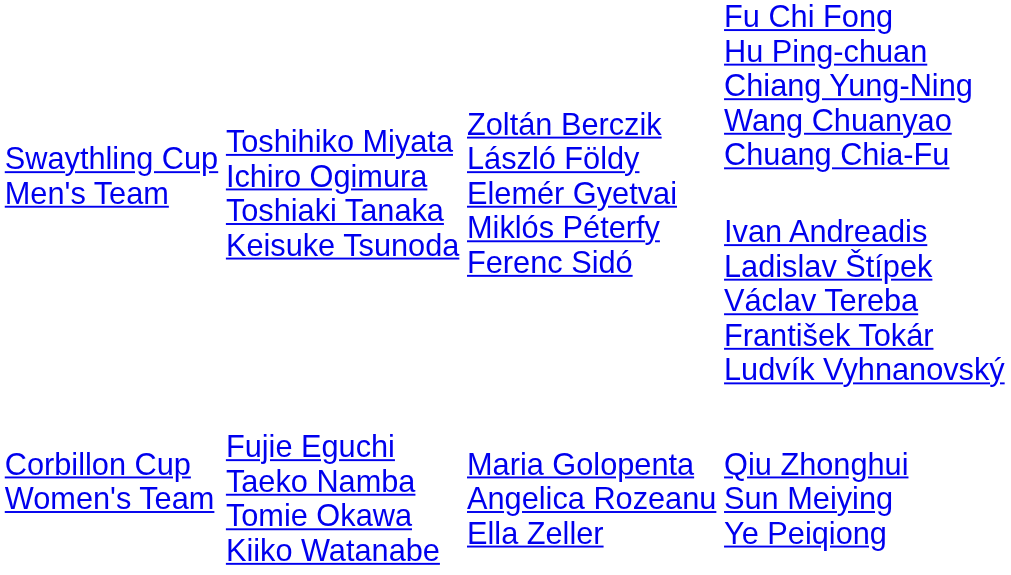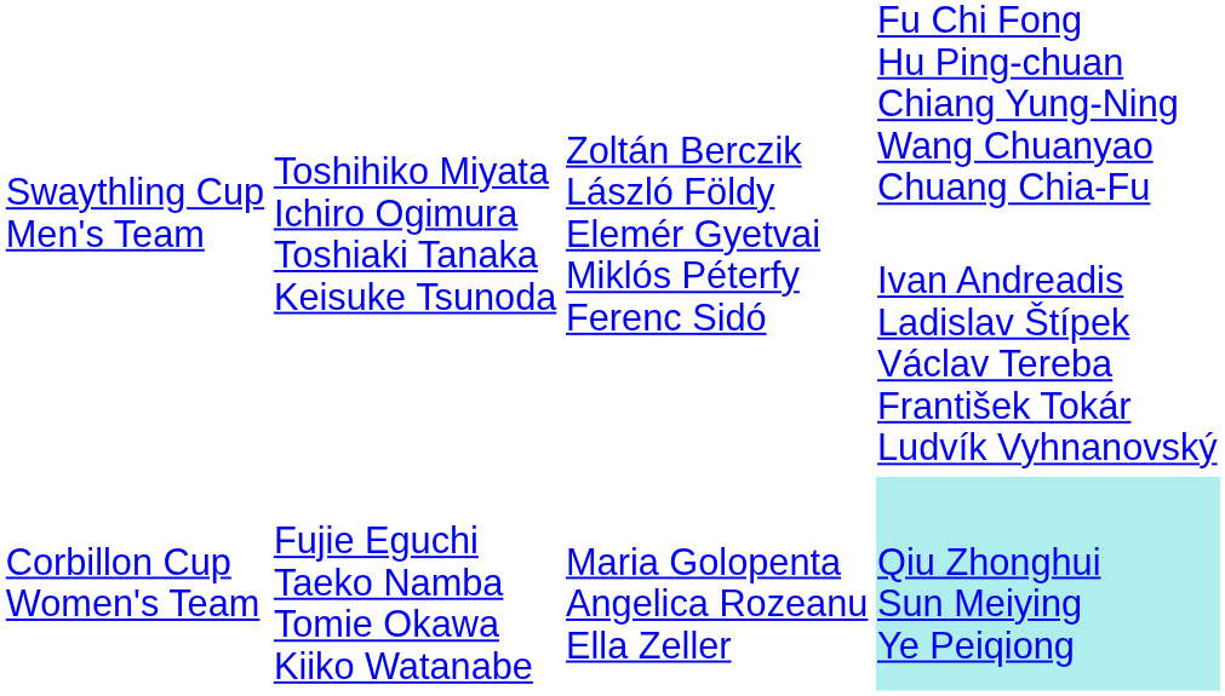 <table>
 <tr>
 <td rowspan=2><a href='#'>Swaythling Cup<br>Men's Team</a></td>
 <td rowspan=2><br><a href='#'>Toshihiko Miyata</a><br><a href='#'>Ichiro Ogimura</a><br><a href='#'>Toshiaki Tanaka</a><br><a href='#'>Keisuke Tsunoda</a></td>
 <td rowspan=2><br><a href='#'>Zoltán Berczik</a><br><a href='#'>László Földy</a><br><a href='#'>Elemér Gyetvai</a><br><a href='#'>Miklós Péterfy</a><br><a href='#'>Ferenc Sidó</a></td>
 <td><br><a href='#'>Fu Chi Fong</a><br><a href='#'>Hu Ping-chuan</a><br><a href='#'>Chiang Yung-Ning</a><br><a href='#'>Wang Chuanyao</a><br><a href='#'>Chuang Chia-Fu</a></td>
 </tr>
 <tr>
 <td><br><a href='#'>Ivan Andreadis</a><br><a href='#'>Ladislav Štípek</a><br><a href='#'>Václav Tereba</a><br><a href='#'>František Tokár</a><br><a href='#'>Ludvík Vyhnanovský</a></td>
 </tr>
 <tr>
 <td><a href='#'>Corbillon Cup<br>Women's Team</a></td>
 <td><br><a href='#'>Fujie Eguchi</a><br><a href='#'>Taeko Namba</a><br><a href='#'>Tomie Okawa</a><br><a href='#'>Kiiko Watanabe</a></td>
 <td><br><a href='#'>Maria Golopenta</a><br><a href='#'>Angelica Rozeanu</a><br><a href='#'>Ella Zeller</a></td>
-<td><br><a href='#'>Qiu Zhonghui</a><br><a href='#'>Sun Meiying</a><br><a href='#'>Ye Peiqiong</a></td>
+<td style="background: paleturquoise;"><br><a href='#'>Qiu Zhonghui</a><br><a href='#'>Sun Meiying</a><br><a href='#'>Ye Peiqiong</a></td>
 </tr>
 </table>
